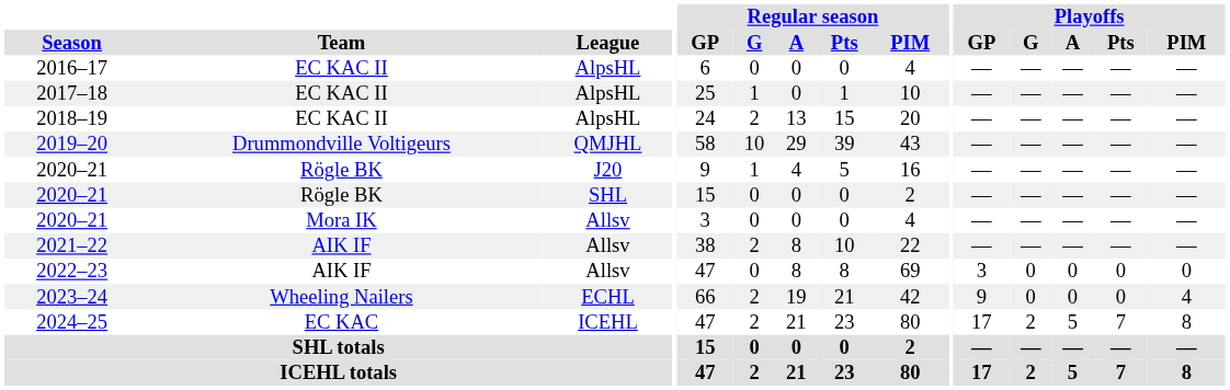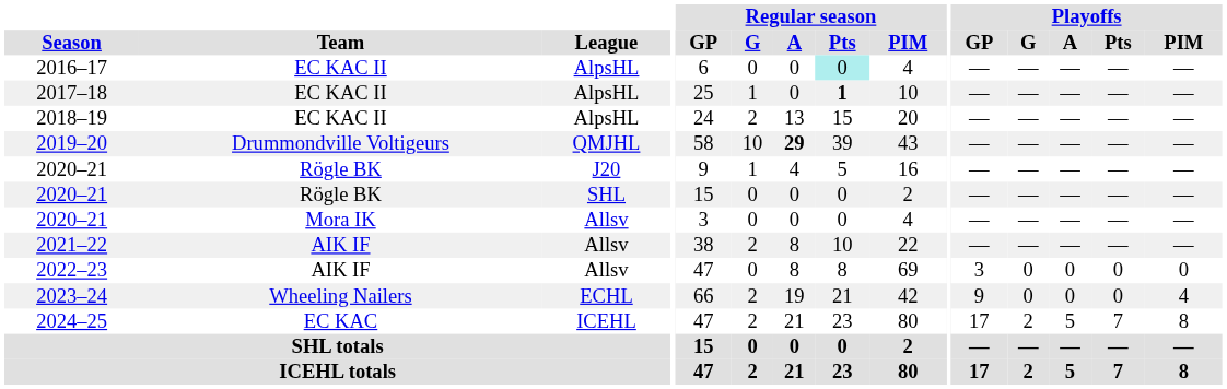 <table border="0" cellpadding="1" cellspacing="0" style="text-align:center; width:60em">
 <tr bgcolor="#e0e0e0">
 <th colspan="3" bgcolor="#ffffff"></th>
 <th rowspan="99" bgcolor="#ffffff"></th>
 <th colspan="5"><a href='#'>Regular season</a></th>
 <th rowspan="99" bgcolor="#ffffff"></th>
 <th colspan="5"><a href='#'>Playoffs</a></th>
 </tr>
 <tr bgcolor="#e0e0e0">
 <th><a href='#'>Season</a></th>
 <th>Team</th>
 <th>League</th>
 <th>GP</th>
 <th><a href='#'>G</a></th>
 <th><a href='#'>A</a></th>
 <th><a href='#'>Pts</a></th>
 <th><a href='#'>PIM</a></th>
 <th>GP</th>
 <th>G</th>
 <th>A</th>
 <th>Pts</th>
 <th>PIM</th>
 </tr>
 <tr>
 </tr>
 <tr>
 <td>2016–17</td>
 <td><a href='#'>EC KAC II</a></td>
 <td><a href='#'>AlpsHL</a></td>
 <td>6</td>
 <td>0</td>
 <td>0</td>
-<td>0</td>
+<td style="background: paleturquoise;">0</td>
 <td>4</td>
 <td>—</td>
 <td>—</td>
 <td>—</td>
 <td>—</td>
 <td>—</td>
 </tr>
 <tr bgcolor="#f0f0f0">
 <td>2017–18</td>
 <td>EC KAC II</td>
 <td>AlpsHL</td>
 <td>25</td>
 <td>1</td>
 <td>0</td>
-<td>1</td>
+<td><strong>1</strong></td>
 <td>10</td>
 <td>—</td>
 <td>—</td>
 <td>—</td>
 <td>—</td>
 <td>—</td>
 </tr>
 <tr>
 <td>2018–19</td>
 <td>EC KAC II</td>
 <td>AlpsHL</td>
 <td>24</td>
 <td>2</td>
 <td>13</td>
 <td>15</td>
 <td>20</td>
 <td>—</td>
 <td>—</td>
 <td>—</td>
 <td>—</td>
 <td>—</td>
 </tr>
 <tr bgcolor="#f0f0f0">
 <td><a href='#'>2019–20</a></td>
 <td><a href='#'>Drummondville Voltigeurs</a></td>
 <td><a href='#'>QMJHL</a></td>
 <td>58</td>
 <td>10</td>
-<td>29</td>
+<td><strong>29</strong></td>
 <td>39</td>
 <td>43</td>
 <td>—</td>
 <td>—</td>
 <td>—</td>
 <td>—</td>
 <td>—</td>
 </tr>
 <tr>
 <td>2020–21</td>
 <td><a href='#'>Rögle BK</a></td>
 <td><a href='#'>J20</a></td>
 <td>9</td>
 <td>1</td>
 <td>4</td>
 <td>5</td>
 <td>16</td>
 <td>—</td>
 <td>—</td>
 <td>—</td>
 <td>—</td>
 <td>—</td>
 </tr>
 <tr bgcolor="#f0f0f0">
 <td><a href='#'>2020–21</a></td>
 <td>Rögle BK</td>
 <td><a href='#'>SHL</a></td>
 <td>15</td>
 <td>0</td>
 <td>0</td>
 <td>0</td>
 <td>2</td>
 <td>—</td>
 <td>—</td>
 <td>—</td>
 <td>—</td>
 <td>—</td>
 </tr>
 <tr>
 <td><a href='#'>2020–21</a></td>
 <td><a href='#'>Mora IK</a></td>
 <td><a href='#'>Allsv</a></td>
 <td>3</td>
 <td>0</td>
 <td>0</td>
 <td>0</td>
 <td>4</td>
 <td>—</td>
 <td>—</td>
 <td>—</td>
 <td>—</td>
 <td>—</td>
 </tr>
 <tr bgcolor="#f0f0f0">
 <td><a href='#'>2021–22</a></td>
 <td><a href='#'>AIK IF</a></td>
 <td>Allsv</td>
 <td>38</td>
 <td>2</td>
 <td>8</td>
 <td>10</td>
 <td>22</td>
 <td>—</td>
 <td>—</td>
 <td>—</td>
 <td>—</td>
 <td>—</td>
 </tr>
 <tr>
 <td><a href='#'>2022–23</a></td>
 <td>AIK IF</td>
 <td>Allsv</td>
 <td>47</td>
 <td>0</td>
 <td>8</td>
 <td>8</td>
 <td>69</td>
 <td>3</td>
 <td>0</td>
 <td>0</td>
 <td>0</td>
 <td>0</td>
 </tr>
 <tr bgcolor="#f0f0f0">
 <td><a href='#'>2023–24</a></td>
 <td><a href='#'>Wheeling Nailers</a></td>
 <td><a href='#'>ECHL</a></td>
 <td>66</td>
 <td>2</td>
 <td>19</td>
 <td>21</td>
 <td>42</td>
 <td>9</td>
 <td>0</td>
 <td>0</td>
 <td>0</td>
 <td>4</td>
 </tr>
 <tr>
 <td><a href='#'>2024–25</a></td>
 <td><a href='#'>EC KAC</a></td>
 <td><a href='#'>ICEHL</a></td>
 <td>47</td>
 <td>2</td>
 <td>21</td>
 <td>23</td>
 <td>80</td>
 <td>17</td>
 <td>2</td>
 <td>5</td>
 <td>7</td>
 <td>8</td>
 </tr>
 <tr bgcolor="#e0e0e0">
 <th colspan="3">SHL totals</th>
 <th>15</th>
 <th>0</th>
 <th>0</th>
 <th>0</th>
 <th>2</th>
 <th>—</th>
 <th>—</th>
 <th>—</th>
 <th>—</th>
 <th>—</th>
 </tr>
 <tr bgcolor="#e0e0e0">
 <th colspan="3">ICEHL totals</th>
 <th>47</th>
 <th>2</th>
 <th>21</th>
 <th>23</th>
 <th>80</th>
 <th>17</th>
 <th>2</th>
 <th>5</th>
 <th>7</th>
 <th>8</th>
 </tr>
 </table>
